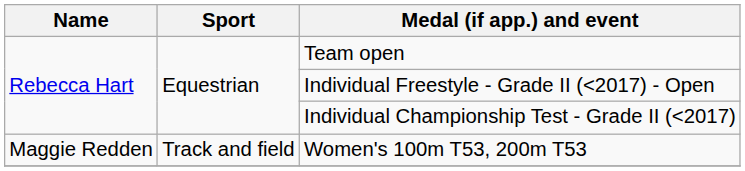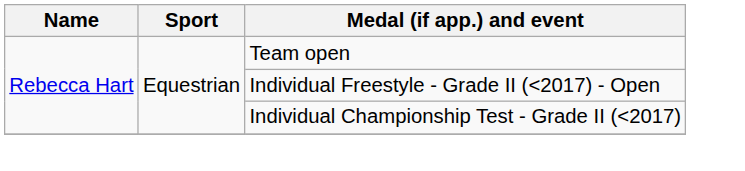 <table class="wikitable">
 <tr>
 <th>Name</th>
 <th>Sport</th>
 <th>Medal (if app.) and event</th>
 </tr>
 <tr>
 <td rowspan=3> <a href='#'>Rebecca Hart</a></td>
 <td rowspan=3>Equestrian</td>
 <td>Team open</td>
 </tr>
 <tr>
 <td>Individual Freestyle - Grade II (<2017) - Open</td>
 </tr>
 <tr>
 <td>Individual Championship Test - Grade II (<2017)</td>
 </tr>
 <tr>
-<td> Maggie Redden</td>
-<td>Track and field</td>
-<td>Women's 100m T53, 200m T53</td>
-</tr>
-<tr>
 </tr>
 </table>
